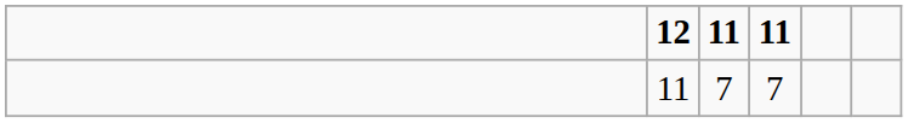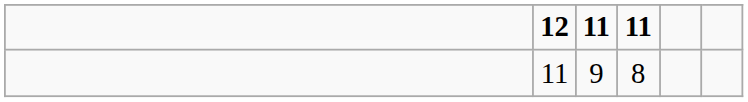 <table class="wikitable">
 <tr>
 <td style="width:18em"></td>
 <td align=center style="width:1em"><strong>12</strong></td>
 <td align=center style="width:1em"><strong>11</strong></td>
 <td align=center style="width:1em"><strong>11</strong></td>
 <td align=center style="width:1em"></td>
 <td align=center style="width:1em"></td>
 </tr>
 <tr>
 <td style="width:18em"></td>
 <td align=center style="width:1em">11</td>
-<td align=center style="width:1em">7</td>
-<td align=center style="width:1em">7</td>
+<td align=center style="width:1em">9</td>
+<td align=center style="width:1em">8</td>
 <td align=center style="width:1em"></td>
 <td align=center style="width:1em"></td>
 </tr>
 </table>
